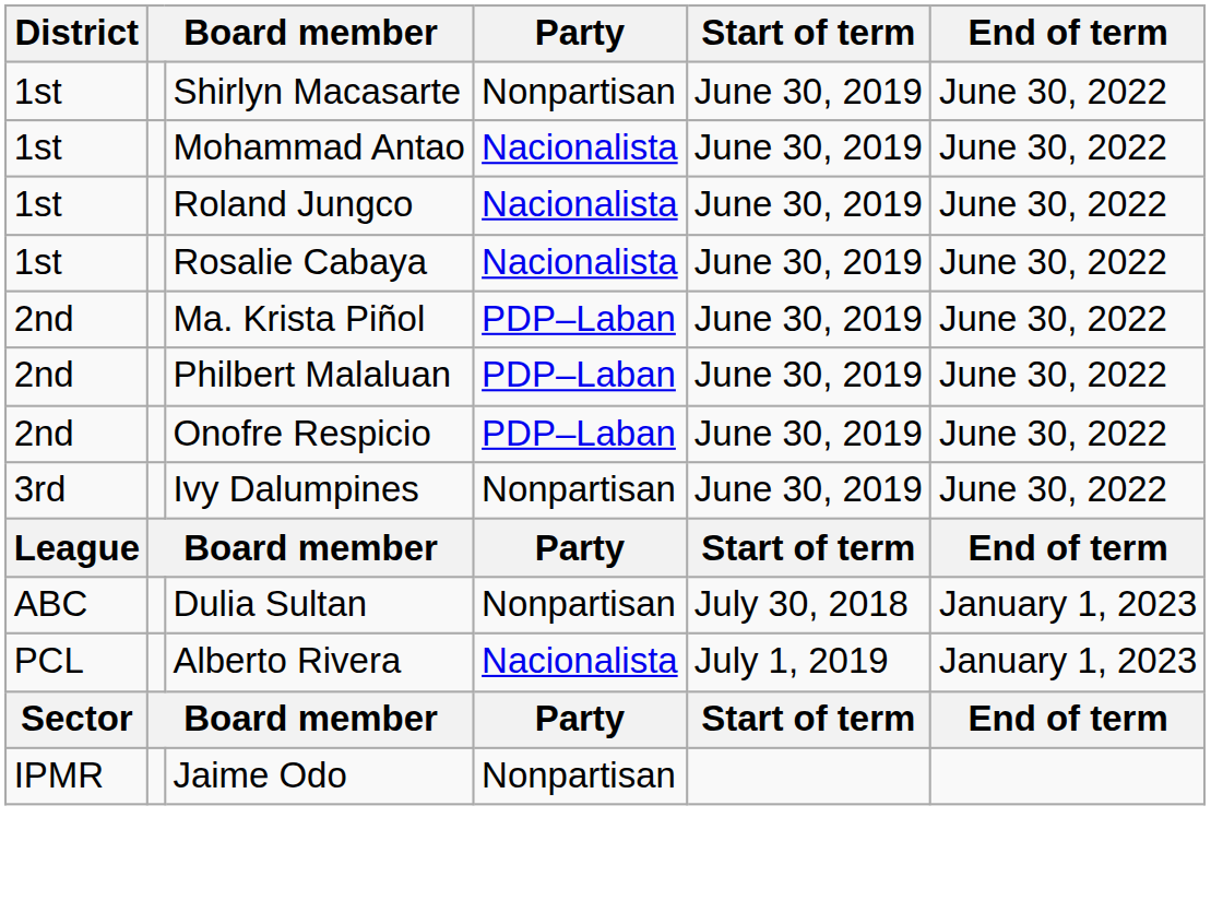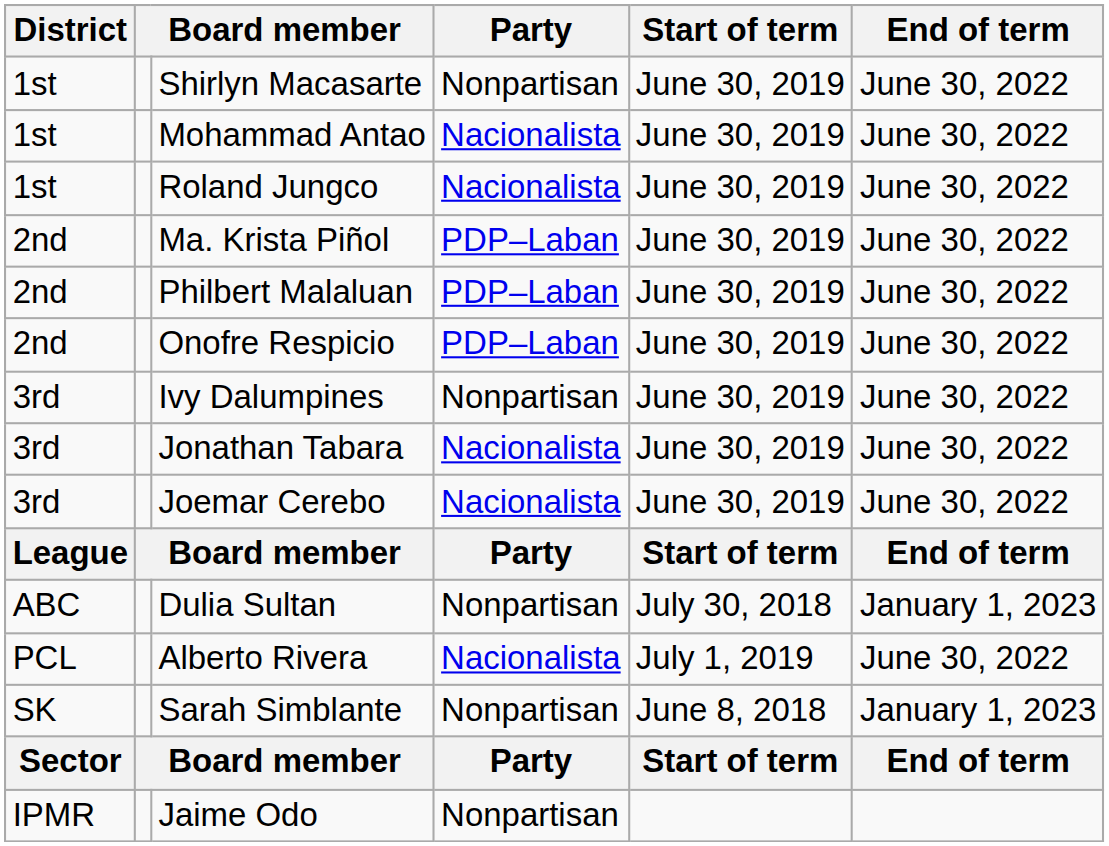 <table class="wikitable">
 <tr>
 <th>District</th>
 <th colspan="2">Board member</th>
 <th>Party</th>
 <th>Start of term</th>
 <th>End of term</th>
 </tr>
 <tr>
 <td>1st</td>
 <td></td>
 <td>Shirlyn Macasarte</td>
 <td>Nonpartisan</td>
 <td>June 30, 2019</td>
 <td>June 30, 2022</td>
 </tr>
 <tr>
 <td>1st</td>
 <td></td>
 <td>Mohammad Antao</td>
 <td><a href='#'>Nacionalista</a></td>
 <td>June 30, 2019</td>
 <td>June 30, 2022</td>
 </tr>
 <tr>
 <td>1st</td>
 <td></td>
 <td>Roland Jungco</td>
-<td><a href='#'>Nacionalista</a></td>
-<td>June 30, 2019</td>
-<td>June 30, 2022</td>
-</tr>
-<tr>
-<td>1st</td>
-<td></td>
-<td>Rosalie Cabaya</td>
 <td><a href='#'>Nacionalista</a></td>
 <td>June 30, 2019</td>
 <td>June 30, 2022</td>
 </tr>
 <tr>
 <td>2nd</td>
 <td></td>
 <td>Ma. Krista Piñol</td>
 <td><a href='#'>PDP–Laban</a></td>
 <td>June 30, 2019</td>
 <td>June 30, 2022</td>
 </tr>
 <tr>
 <td>2nd</td>
 <td></td>
 <td>Philbert Malaluan</td>
 <td><a href='#'>PDP–Laban</a></td>
 <td>June 30, 2019</td>
 <td>June 30, 2022</td>
 </tr>
 <tr>
 <td>2nd</td>
 <td></td>
 <td>Onofre Respicio</td>
 <td><a href='#'>PDP–Laban</a></td>
 <td>June 30, 2019</td>
 <td>June 30, 2022</td>
 </tr>
 <tr>
 <td>3rd</td>
 <td></td>
 <td>Ivy Dalumpines</td>
 <td>Nonpartisan</td>
 <td>June 30, 2019</td>
 <td>June 30, 2022</td>
 </tr>
 <tr>
+<td>3rd</td>
+<td></td>
+<td>Jonathan Tabara</td>
+<td><a href='#'>Nacionalista</a></td>
+<td>June 30, 2019</td>
+<td>June 30, 2022</td>
+</tr>
+<tr>
+<td>3rd</td>
+<td></td>
+<td>Joemar Cerebo</td>
+<td><a href='#'>Nacionalista</a></td>
+<td>June 30, 2019</td>
+<td>June 30, 2022</td>
+</tr>
+<tr>
 <th>League</th>
 <th colspan="2">Board member</th>
 <th>Party</th>
 <th>Start of term</th>
 <th>End of term</th>
 </tr>
 <tr>
 <td>ABC</td>
 <td></td>
 <td>Dulia Sultan</td>
 <td>Nonpartisan</td>
 <td>July 30, 2018</td>
 <td>January 1, 2023</td>
 </tr>
 <tr>
 <td>PCL</td>
 <td></td>
 <td>Alberto Rivera</td>
 <td><a href='#'>Nacionalista</a></td>
 <td>July 1, 2019</td>
+<td>June 30, 2022</td>
+</tr>
+<tr>
+<td>SK</td>
+<td></td>
+<td>Sarah Simblante</td>
+<td>Nonpartisan</td>
+<td>June 8, 2018</td>
 <td>January 1, 2023</td>
 </tr>
 <tr>
 <th>Sector</th>
 <th colspan="2">Board member</th>
 <th>Party</th>
 <th>Start of term</th>
 <th>End of term</th>
 </tr>
 <tr>
 <td>IPMR</td>
 <td></td>
 <td>Jaime Odo</td>
 <td>Nonpartisan</td>
 <td></td>
 <td></td>
 </tr>
 </table>
